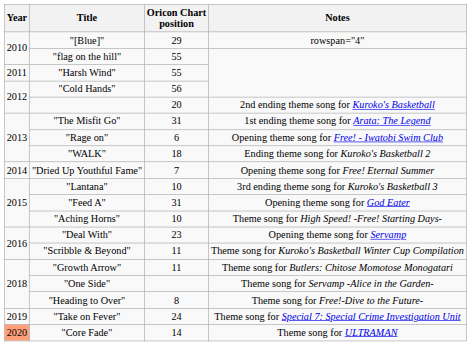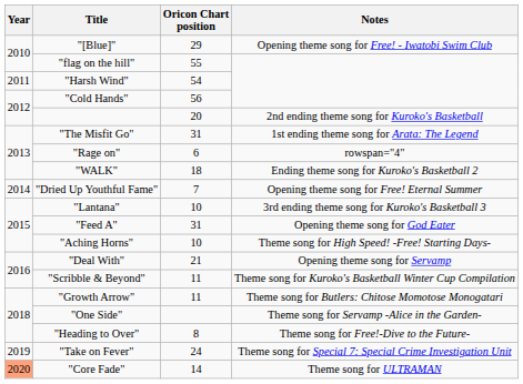 <table class="wikitable" style="text-align: center">
 <tr>
 <th>Year</th>
 <th>Title</th>
 <th>Oricon Chart <br> position</th>
 <th>Notes</th>
 </tr>
 <tr>
 <td rowspan="2">2010</td>
 <td>"[Blue]"</td>
 <td>29</td>
-<td>rowspan="4" </td>
+<td>Opening theme song for <em><a href='#'>Free! - Iwatobi Swim Club</a></em></td>
 </tr>
 <tr>
 <td>"flag on the hill"</td>
 <td>55</td>
 </tr>
 <tr>
 <td>2011</td>
 <td>"Harsh Wind"</td>
-<td>55</td>
+<td>54</td>
 </tr>
 <tr>
 <td rowspan="2">2012</td>
 <td>"Cold Hands"</td>
 <td>56</td>
 </tr>
 <tr>
 <td></td>
 <td>20</td>
 <td>2nd ending theme song for <em><a href='#'>Kuroko's Basketball</a></em></td>
 </tr>
 <tr>
 <td rowspan="3">2013</td>
 <td>"The Misfit Go"</td>
 <td>31</td>
 <td>1st ending theme song for <em><a href='#'>Arata: The Legend</a></em></td>
 </tr>
 <tr>
 <td>"Rage on"</td>
 <td>6</td>
-<td>Opening theme song for <em><a href='#'>Free! - Iwatobi Swim Club</a></em></td>
+<td>rowspan="4" </td>
 </tr>
 <tr>
 <td>"WALK"</td>
 <td>18</td>
 <td>Ending theme song for <em>Kuroko's Basketball 2</em></td>
 </tr>
 <tr>
 <td>2014</td>
 <td>"Dried Up Youthful Fame"</td>
 <td>7</td>
 <td>Opening theme song for <em>Free! Eternal Summer</em></td>
 </tr>
 <tr>
 <td rowspan="3">2015</td>
 <td>"Lantana"</td>
 <td>10</td>
 <td>3rd ending theme song for <em>Kuroko's Basketball 3</em></td>
 </tr>
 <tr>
 <td>"Feed A"</td>
 <td>31</td>
 <td>Opening theme song for <em><a href='#'>God Eater</a></em></td>
 </tr>
 <tr>
 <td>"Aching Horns"</td>
 <td>10</td>
 <td>Theme song for <em>High Speed! -Free! Starting Days-</em></td>
 </tr>
 <tr>
 <td rowspan="2">2016</td>
 <td>"Deal With"</td>
-<td>23</td>
+<td>21</td>
 <td>Opening theme song for <em><a href='#'>Servamp</a></em></td>
 </tr>
 <tr>
 <td>"Scribble & Beyond"</td>
 <td>11</td>
 <td>Theme song for <em>Kuroko's Basketball Winter Cup Compilation</em></td>
 </tr>
 <tr>
 <td rowspan="3">2018</td>
 <td>"Growth Arrow"</td>
 <td>11</td>
 <td>Theme song for <em>Butlers: Chitose Momotose Monogatari</em></td>
 </tr>
 <tr>
 <td>"One Side"</td>
 <td></td>
 <td>Theme song for <em>Servamp -Alice in the Garden-</em></td>
 </tr>
 <tr>
 <td>"Heading to Over"</td>
 <td>8</td>
 <td>Theme song for <em>Free!-Dive to the Future-</em></td>
 </tr>
 <tr>
 <td>2019</td>
 <td>"Take on Fever"</td>
 <td>24</td>
 <td>Theme song for <em><a href='#'>Special 7: Special Crime Investigation Unit</a></em></td>
 </tr>
 <tr>
 <td style="background: lightsalmon;">2020</td>
 <td>"Core Fade"</td>
 <td>14</td>
 <td>Theme song for <em><a href='#'>ULTRAMAN</a></em></td>
 </tr>
 </table>
